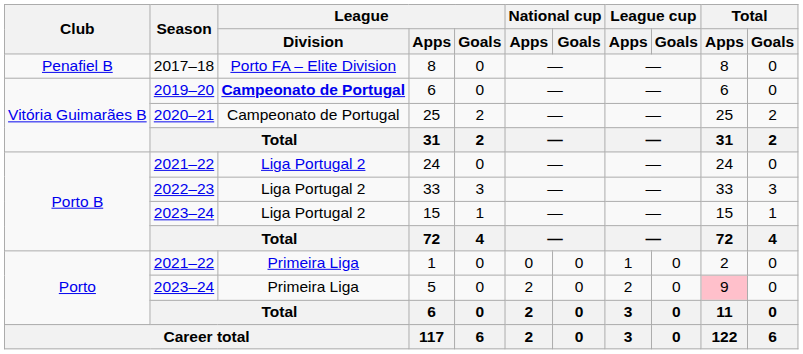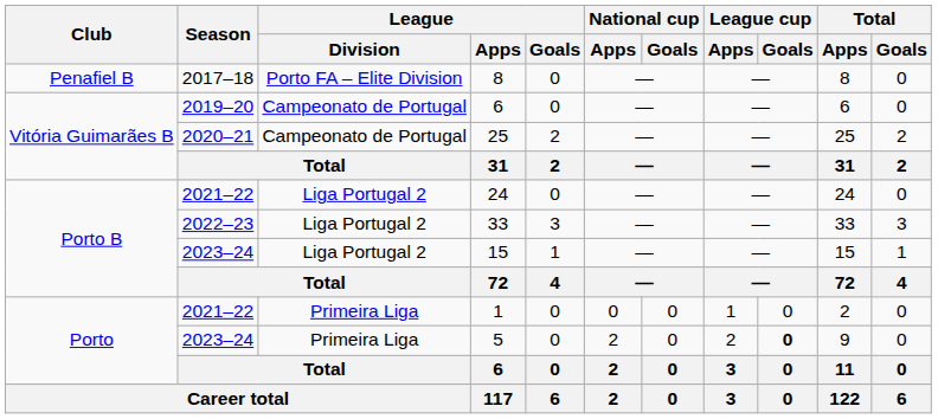 <table class="wikitable" style="text-align: center">
 <tr>
 <th rowspan="2">Club</th>
 <th rowspan="2">Season</th>
 <th colspan="3">League</th>
 <th colspan="2">National cup</th>
 <th colspan="2">League cup</th>
 <th colspan="2">Total</th>
 </tr>
 <tr>
 <th>Division</th>
 <th>Apps</th>
 <th>Goals</th>
 <th>Apps</th>
 <th>Goals</th>
 <th>Apps</th>
 <th>Goals</th>
 <th>Apps</th>
 <th>Goals</th>
 </tr>
 <tr>
 <td><a href='#'>Penafiel B</a></td>
 <td>2017–18</td>
 <td><a href='#'>Porto FA – Elite Division</a></td>
 <td>8</td>
 <td>0</td>
 <td colspan="2">—</td>
 <td colspan="2">—</td>
 <td>8</td>
 <td>0</td>
 </tr>
 <tr>
 <td rowspan="3"><a href='#'>Vitória Guimarães B</a></td>
 <td><a href='#'>2019–20</a></td>
-<td><strong><a href='#'>Campeonato de Portugal</a></strong></td>
+<td><a href='#'>Campeonato de Portugal</a></td>
 <td>6</td>
 <td>0</td>
 <td colspan="2">—</td>
 <td colspan="2">—</td>
 <td>6</td>
 <td>0</td>
 </tr>
 <tr>
 <td><a href='#'>2020–21</a></td>
 <td>Campeonato de Portugal</td>
 <td>25</td>
 <td>2</td>
 <td colspan="2">—</td>
 <td colspan="2">—</td>
 <td>25</td>
 <td>2</td>
 </tr>
 <tr>
 <th colspan="2">Total</th>
 <th>31</th>
 <th>2</th>
 <th colspan="2">—</th>
 <th colspan="2">—</th>
 <th>31</th>
 <th>2</th>
 </tr>
 <tr>
 <td rowspan="4"><a href='#'>Porto B</a></td>
 <td><a href='#'>2021–22</a></td>
 <td><a href='#'>Liga Portugal 2</a></td>
 <td>24</td>
 <td>0</td>
 <td colspan="2">—</td>
 <td colspan="2">—</td>
 <td>24</td>
 <td>0</td>
 </tr>
 <tr>
 <td><a href='#'>2022–23</a></td>
 <td>Liga Portugal 2</td>
 <td>33</td>
 <td>3</td>
 <td colspan="2">—</td>
 <td colspan="2">—</td>
 <td>33</td>
 <td>3</td>
 </tr>
 <tr>
 <td><a href='#'>2023–24</a></td>
 <td>Liga Portugal 2</td>
 <td>15</td>
 <td>1</td>
 <td colspan="2">—</td>
 <td colspan="2">—</td>
 <td>15</td>
 <td>1</td>
 </tr>
 <tr>
 <th colspan="2">Total</th>
 <th>72</th>
 <th>4</th>
 <th colspan="2">—</th>
 <th colspan="2">—</th>
 <th>72</th>
 <th>4</th>
 </tr>
 <tr>
 <td rowspan="3"><a href='#'>Porto</a></td>
 <td><a href='#'>2021–22</a></td>
 <td><a href='#'>Primeira Liga</a></td>
 <td>1</td>
 <td>0</td>
 <td>0</td>
 <td>0</td>
 <td>1</td>
 <td>0</td>
 <td>2</td>
 <td>0</td>
 </tr>
 <tr>
 <td><a href='#'>2023–24</a></td>
 <td>Primeira Liga</td>
 <td>5</td>
 <td>0</td>
 <td>2</td>
 <td>0</td>
 <td>2</td>
-<td>0</td>
-<td style="background: pink;">9</td>
+<td><strong>0</strong></td>
+<td>9</td>
 <td>0</td>
 </tr>
 <tr>
 <th colspan="2">Total</th>
 <th>6</th>
 <th>0</th>
 <th>2</th>
 <th>0</th>
 <th>3</th>
 <th>0</th>
 <th>11</th>
 <th>0</th>
 </tr>
 <tr>
 <th colspan="3"><strong>Career total</strong></th>
 <th>117</th>
 <th>6</th>
 <th>2</th>
 <th>0</th>
 <th>3</th>
 <th>0</th>
 <th>122</th>
 <th>6</th>
 </tr>
 </table>
